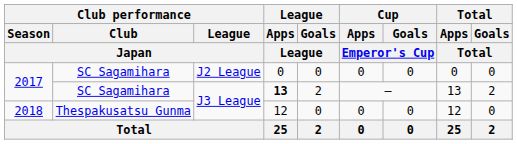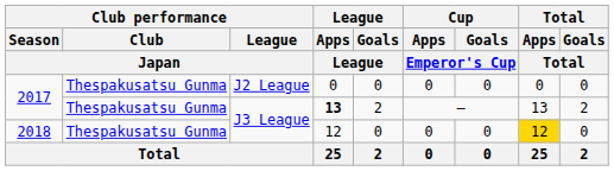 <table class="wikitable" style="text-align:center;">
 <tr>
 <th colspan=3>Club performance</th>
 <th colspan=2>League</th>
 <th colspan=2>Cup</th>
 <th colspan=2>Total</th>
 </tr>
 <tr>
 <th>Season</th>
 <th>Club</th>
 <th>League</th>
 <th>Apps</th>
 <th>Goals</th>
 <th>Apps</th>
 <th>Goals</th>
 <th>Apps</th>
 <th>Goals</th>
 </tr>
 <tr>
 <th colspan=3>Japan</th>
 <th colspan=2>League</th>
 <th colspan=2><a href='#'>Emperor's Cup</a></th>
 <th colspan=2>Total</th>
 </tr>
 <tr>
 <td rowspan="2"><a href='#'>2017</a></td>
-<td><a href='#'>SC Sagamihara</a></td>
+<td><a href='#'>Thespakusatsu Gunma</a></td>
 <td><a href='#'>J2 League</a></td>
 <td>0</td>
 <td>0</td>
 <td>0</td>
 <td>0</td>
 <td>0</td>
 <td>0</td>
 </tr>
 <tr>
-<td><a href='#'>SC Sagamihara</a></td>
+<td rowspan="1"><a href='#'>Thespakusatsu Gunma</a></td>
 <td rowspan="2"><a href='#'>J3 League</a></td>
 <td><strong>13</strong></td>
 <td>2</td>
 <td colspan="2">–</td>
 <td>13</td>
 <td>2</td>
 </tr>
 <tr>
 <td><a href='#'>2018</a></td>
 <td rowspan="1"><a href='#'>Thespakusatsu Gunma</a></td>
 <td>12</td>
 <td>0</td>
 <td>0</td>
 <td>0</td>
-<td>12</td>
+<td style="background: gold;">12</td>
 <td>0</td>
 </tr>
 <tr>
 <th colspan=3>Total</th>
 <th>25</th>
 <th>2</th>
 <th>0</th>
 <th>0</th>
 <th>25</th>
 <th>2</th>
 </tr>
 </table>
